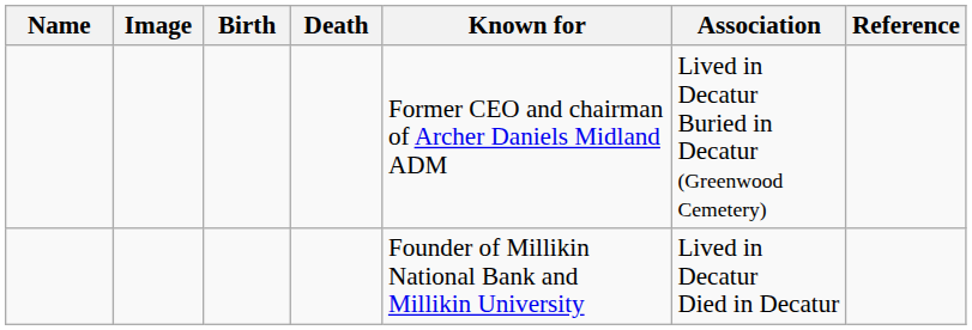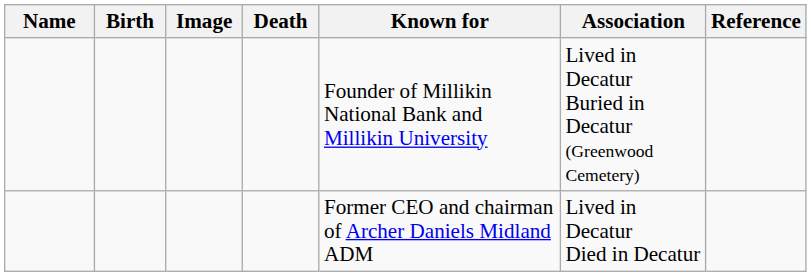 <table class="wikitable sortable">
 <tr>
 <th scope="col" style="width:140px;">Name</th>
+<th scope="col" style="width:90px;">Birth</th>
 <th scope="col" style="width:80px;" class="unsortable">Image</th>
-<th scope="col" style="width:90px;">Birth</th>
 <th scope="col" style="width:90px;">Death</th>
 <th scope="col" style="width:600px;" class="unsortable">Known for</th>
 <th scope="col" style="width:200px;" class="unsortable">Association</th>
 <th scope="col" style="width:30px;" class="unsortable">Reference</th>
 </tr>
 <tr>
 <td></td>
+<td align=right></td>
 <td></td>
-<td align=right></td>
 <td aling=right></td>
-<td>Former CEO and chairman of <a href='#'>Archer Daniels Midland</a> ADM</td>
+<td>Founder of Millikin National Bank and <a href='#'>Millikin University</a></td>
 <td>Lived in Decatur<br>Buried in Decatur <small>(Greenwood Cemetery)</small></td>
 <td style="text-align:center;"></td>
 </tr>
 <tr>
 <td></td>
+<td align=right></td>
 <td></td>
 <td align=right></td>
-<td align=right></td>
-<td>Founder of Millikin National Bank and <a href='#'>Millikin University</a></td>
+<td>Former CEO and chairman of <a href='#'>Archer Daniels Midland</a> ADM</td>
 <td>Lived in Decatur<br>Died in Decatur</td>
 <td style="text-align:center;"></td>
 </tr>
 </table>
